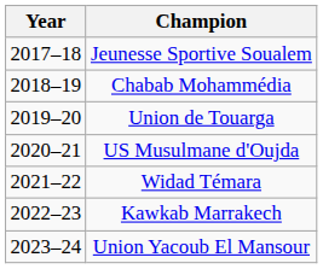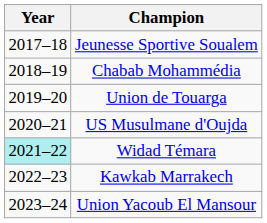 <table class="wikitable" style="text-align:center;">
 <tr>
 <th>Year</th>
 <th>Champion</th>
 </tr>
 <tr>
 <td align=center>2017–18</td>
 <td><a href='#'>Jeunesse Sportive Soualem</a></td>
 </tr>
 <tr>
 <td align=center>2018–19</td>
 <td><a href='#'>Chabab Mohammédia</a></td>
 </tr>
 <tr>
 <td align=center>2019–20</td>
 <td><a href='#'>Union de Touarga</a></td>
 </tr>
 <tr>
 <td align=center>2020–21</td>
 <td><a href='#'>US Musulmane d'Oujda</a></td>
 </tr>
 <tr>
-<td align=center>2021–22</td>
+<td align=center style="background: paleturquoise;">2021–22</td>
 <td><a href='#'>Widad Témara</a></td>
 </tr>
 <tr>
 <td align=center>2022–23</td>
 <td><a href='#'>Kawkab Marrakech</a></td>
 </tr>
 <tr>
 <td align=center>2023–24</td>
 <td><a href='#'>Union Yacoub El Mansour</a></td>
 </tr>
 </table>
